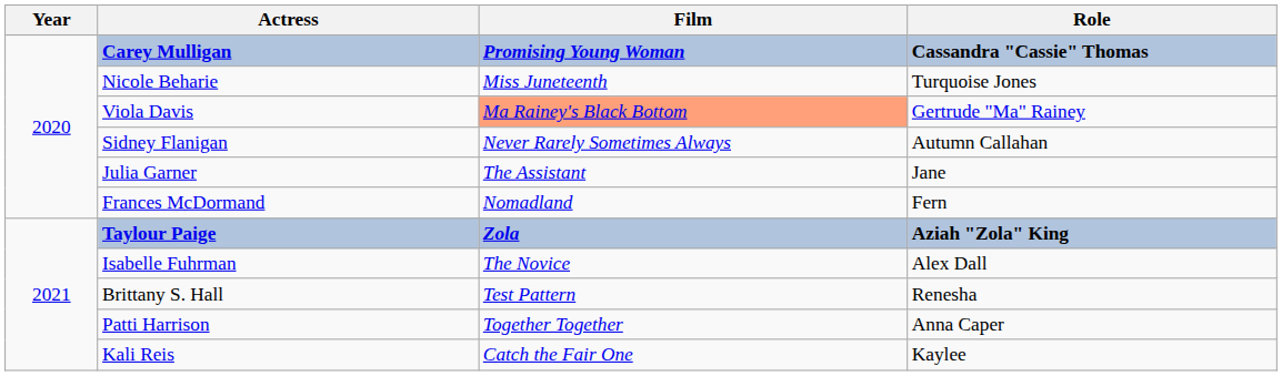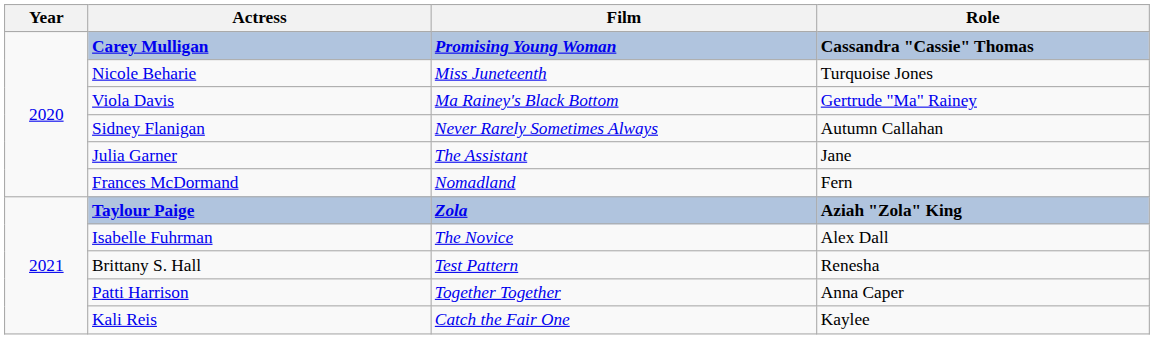 <table class=wikitable style="width="100%">
 <tr>
 <th width="70"><strong>Year</strong></th>
 <th width="310"><strong>Actress</strong></th>
 <th width="350"><strong>Film</strong></th>
 <th width="300"><strong>Role</strong></th>
 </tr>
 <tr>
 <td rowspan=6 style="text-align:center;"><a href='#'>2020</a><br></td>
 <td style="background:#B0C4DE;"><strong><a href='#'>Carey Mulligan</a></strong></td>
 <td style="background:#B0C4DE;"><strong><em><a href='#'>Promising Young Woman</a></em></strong></td>
 <td style="background:#B0C4DE;"><strong>Cassandra "Cassie" Thomas</strong></td>
 </tr>
 <tr>
 <td><a href='#'>Nicole Beharie</a></td>
 <td><em><a href='#'>Miss Juneteenth</a></em></td>
 <td>Turquoise Jones</td>
 </tr>
 <tr>
 <td><a href='#'>Viola Davis</a></td>
-<td style="background: lightsalmon;"><em><a href='#'>Ma Rainey's Black Bottom</a></em></td>
+<td><em><a href='#'>Ma Rainey's Black Bottom</a></em></td>
 <td><a href='#'>Gertrude "Ma" Rainey</a></td>
 </tr>
 <tr>
 <td><a href='#'>Sidney Flanigan</a></td>
 <td><em><a href='#'>Never Rarely Sometimes Always</a></em></td>
 <td>Autumn Callahan</td>
 </tr>
 <tr>
 <td><a href='#'>Julia Garner</a></td>
 <td><em><a href='#'>The Assistant</a></em></td>
 <td>Jane</td>
 </tr>
 <tr>
 <td><a href='#'>Frances McDormand</a></td>
 <td><em><a href='#'>Nomadland</a></em></td>
 <td>Fern</td>
 </tr>
 <tr>
 <td rowspan=5 style="text-align:center;"><a href='#'>2021</a><br></td>
 <td style="background:#B0C4DE;"><strong><a href='#'>Taylour Paige</a></strong></td>
 <td style="background:#B0C4DE;"><strong><em><a href='#'>Zola</a></em></strong></td>
 <td style="background:#B0C4DE;"><strong>Aziah "Zola" King</strong></td>
 </tr>
 <tr>
 <td><a href='#'>Isabelle Fuhrman</a></td>
 <td><em><a href='#'>The Novice</a></em></td>
 <td>Alex Dall</td>
 </tr>
 <tr>
 <td>Brittany S. Hall</td>
 <td><em><a href='#'>Test Pattern</a></em></td>
 <td>Renesha</td>
 </tr>
 <tr>
 <td><a href='#'>Patti Harrison</a></td>
 <td><em><a href='#'>Together Together</a></em></td>
 <td>Anna Caper</td>
 </tr>
 <tr>
 <td><a href='#'>Kali Reis</a></td>
 <td><em><a href='#'>Catch the Fair One</a></em></td>
 <td>Kaylee</td>
 </tr>
 </table>
